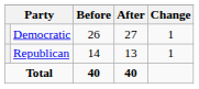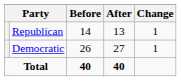 <table class="wikitable" style="text-align:center;">
 <tr>
 </tr>
 <tr>
 <th colspan=2>Party</th>
 <th>Before</th>
 <th>After</th>
 <th>Change</th>
 </tr>
 <tr>
 <th style="background-color:"></th>
-<td style="text-align:left;"><a href='#'>Democratic</a></td>
-<td>26</td>
-<td>27</td>
+<td style="text-align:left;"><a href='#'>Republican</a></td>
+<td>14</td>
+<td>13</td>
 <td> 1</td>
 </tr>
 <tr>
 <th style="background-color:"></th>
-<td style="text-align:left;"><a href='#'>Republican</a></td>
-<td>14</td>
-<td>13</td>
+<td style="text-align:left;"><a href='#'>Democratic</a></td>
+<td>26</td>
+<td>27</td>
 <td> 1</td>
 </tr>
 <tr>
 <td colspan=2><strong>Total</strong></td>
 <td><strong>40</strong></td>
 <td><strong>40</strong></td>
 <td></td>
 </tr>
 </table>
